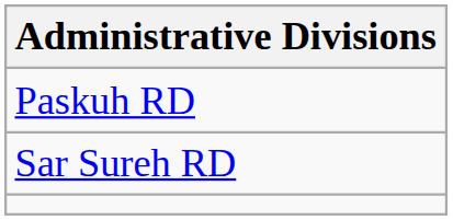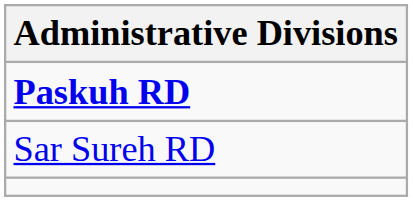 <table class="wikitable">
 <tr>
 <th>Administrative Divisions</th>
 </tr>
 <tr>
-<td><a href='#'>Paskuh RD</a></td>
+<td><strong><a href='#'>Paskuh RD</a></strong></td>
 </tr>
 <tr>
 <td><a href='#'>Sar Sureh RD</a></td>
 </tr>
 <tr>
 <td colspan=1></td>
 </tr>
 </table>
